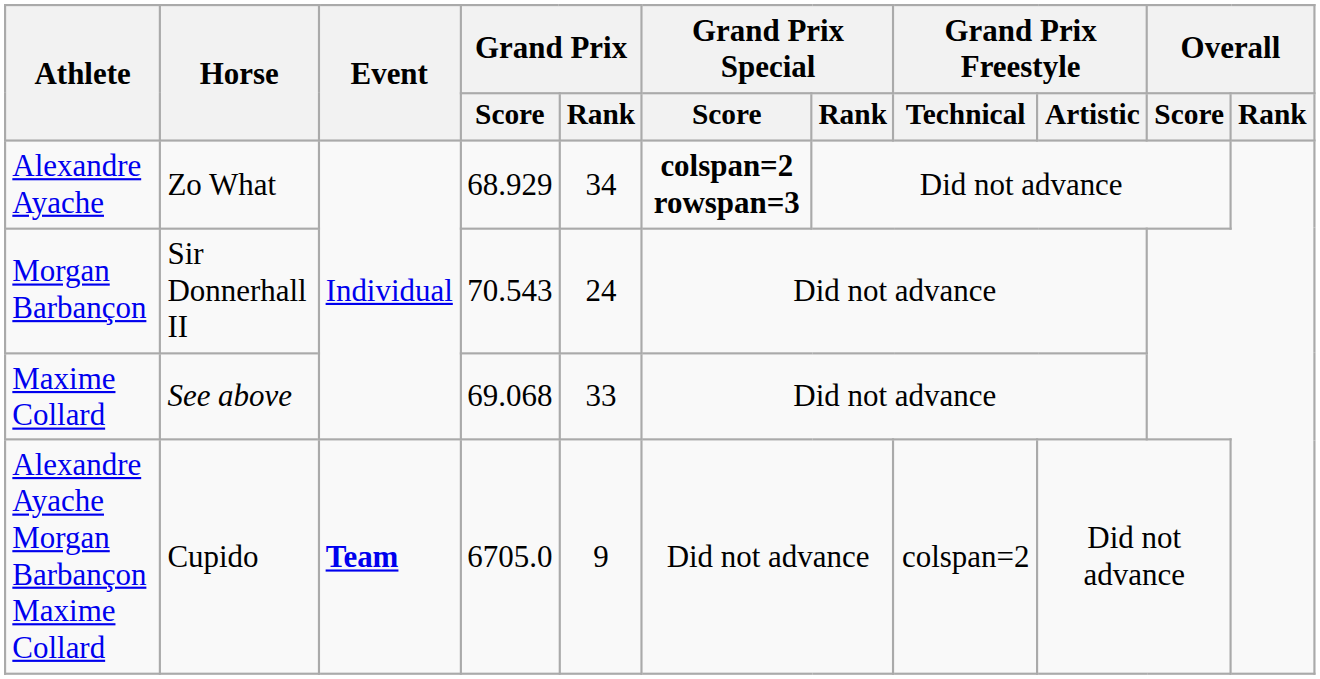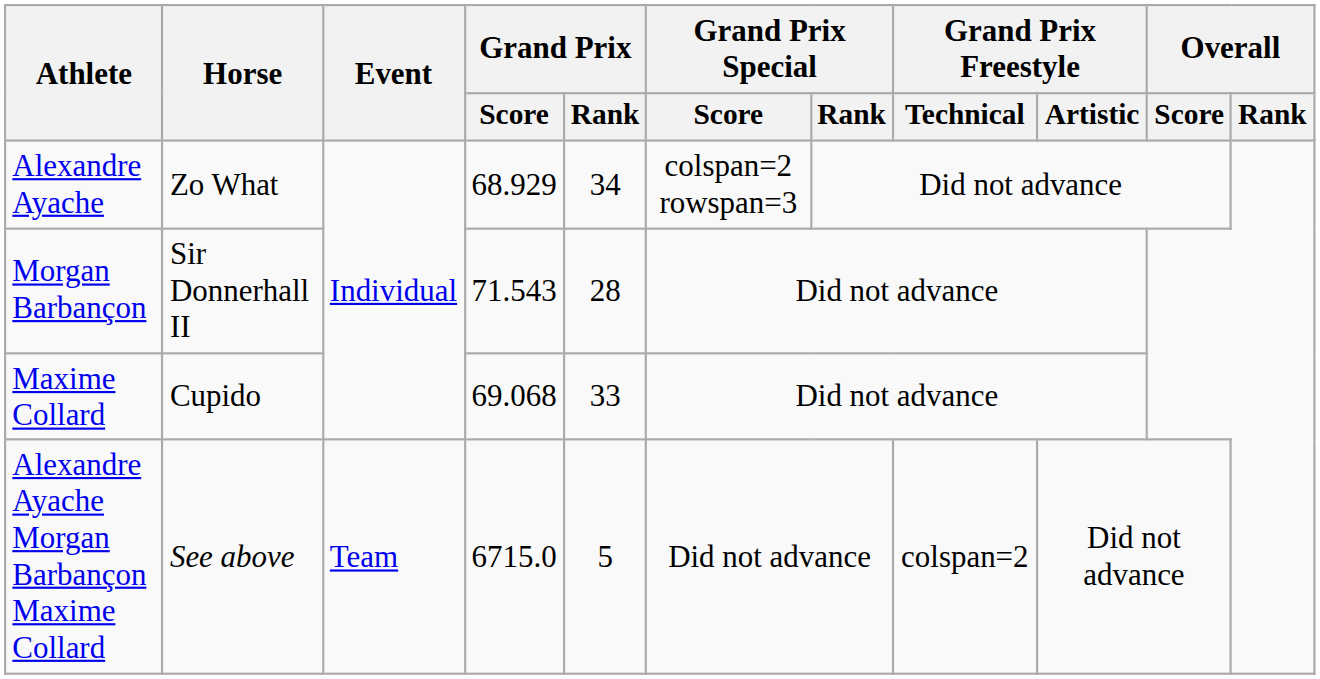 <table class=wikitable style=font-size:90%;>
 <tr>
 <th rowspan="2">Athlete</th>
 <th rowspan="2">Horse</th>
 <th rowspan="2">Event</th>
 <th colspan="2">Grand Prix</th>
 <th colspan="2">Grand Prix Special</th>
 <th colspan="2">Grand Prix Freestyle</th>
 <th colspan="2">Overall</th>
 </tr>
 <tr style="font-size:95%">
 <th>Score</th>
 <th>Rank</th>
 <th>Score</th>
 <th>Rank</th>
 <th>Technical</th>
 <th>Artistic</th>
 <th>Score</th>
 <th>Rank</th>
 </tr>
 <tr align=center>
 <td align=left><a href='#'>Alexandre Ayache</a></td>
 <td align=left>Zo What</td>
 <td rowspan=3 align=left><a href='#'>Individual</a></td>
 <td>68.929</td>
 <td>34</td>
-<td><strong>colspan=2 rowspan=3 </strong></td>
+<td>colspan=2 rowspan=3 </td>
 <td colspan=4>Did not advance</td>
 </tr>
 <tr align=center>
 <td align=left><a href='#'>Morgan Barbançon</a></td>
 <td align=left>Sir Donnerhall II</td>
-<td>70.543</td>
-<td>24</td>
+<td>71.543</td>
+<td>28</td>
 <td colspan=4>Did not advance</td>
 </tr>
 <tr align=center>
 <td align=left><a href='#'>Maxime Collard</a></td>
-<td align=left><em>See above</em></td>
+<td align=left>Cupido</td>
 <td>69.068</td>
 <td>33</td>
 <td colspan=4>Did not advance</td>
 </tr>
 <tr align=center>
 <td align=left><a href='#'>Alexandre Ayache</a><br><a href='#'>Morgan Barbançon</a><br><a href='#'>Maxime Collard</a></td>
-<td align=left>Cupido</td>
-<td align=left><strong><a href='#'>Team</a></strong></td>
-<td>6705.0</td>
-<td>9</td>
+<td align=left><em>See above</em></td>
+<td align=left><a href='#'>Team</a></td>
+<td>6715.0</td>
+<td>5</td>
 <td colspan=2>Did not advance</td>
 <td>colspan=2 </td>
 <td colspan=2>Did not advance</td>
 </tr>
 </table>
